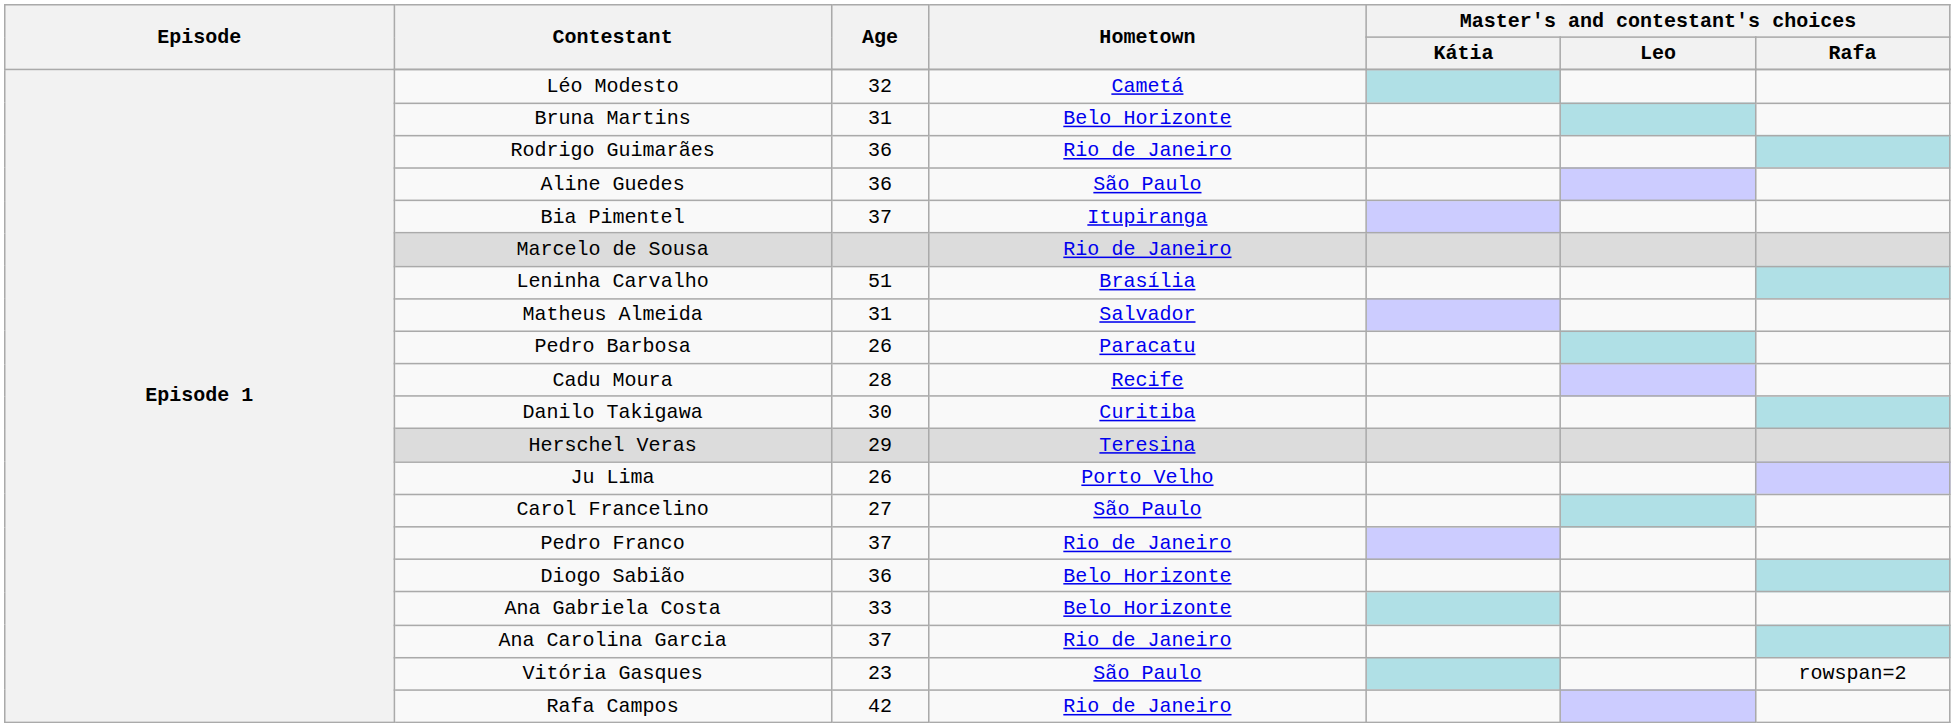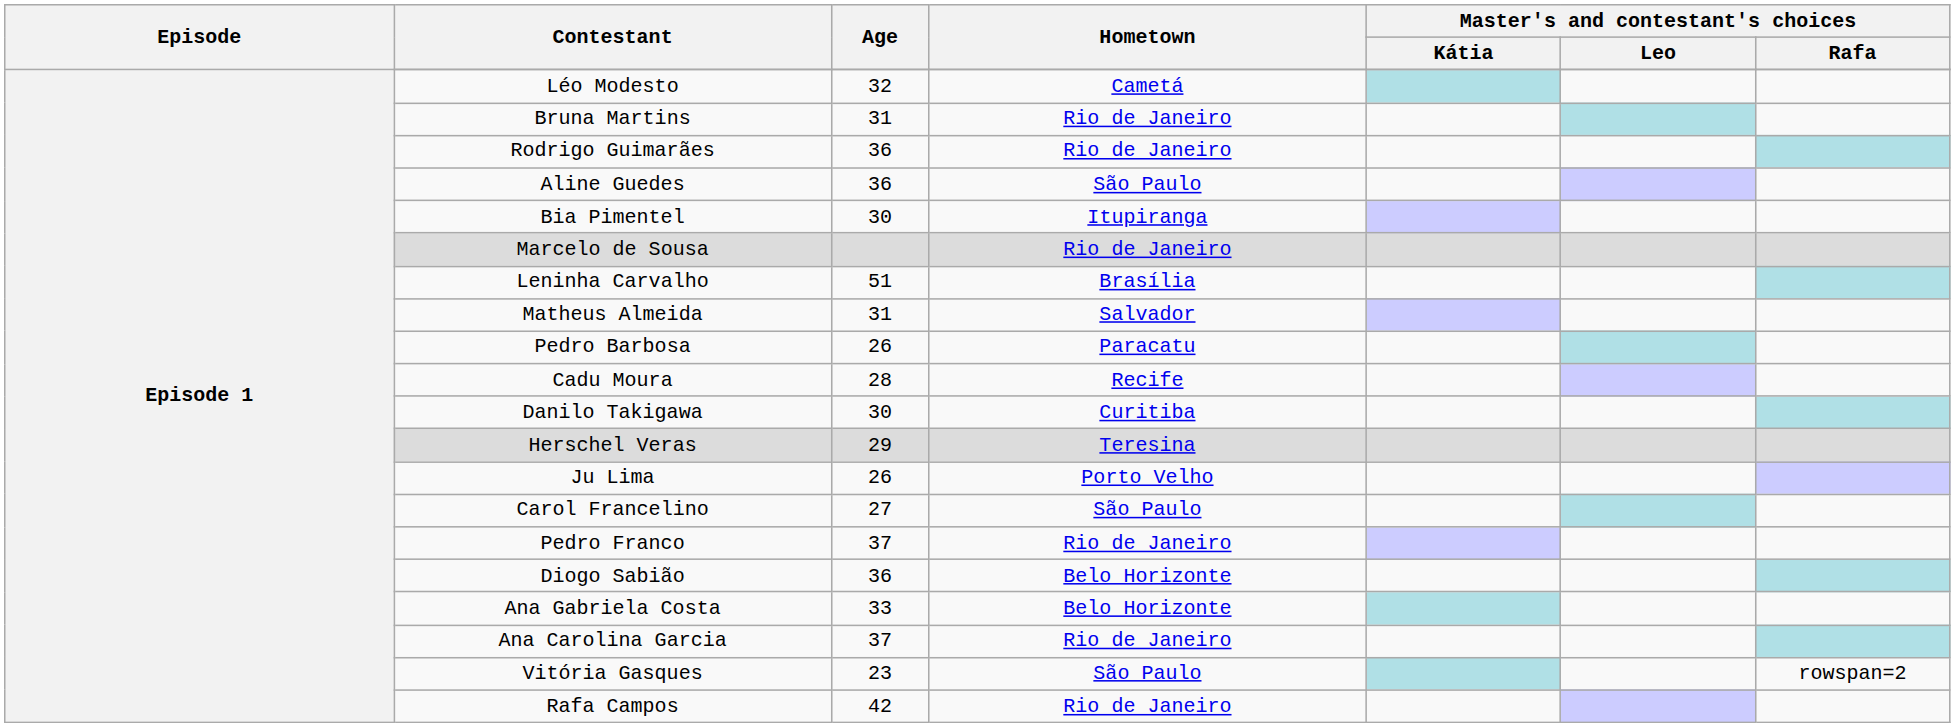 <table class="wikitable" style="text-align:center; width:100%;">
 <tr>
 <th scope="col" rowspan=2 width="20.0%">Episode</th>
 <th scope="col" rowspan=2 width="22.5%">Contestant</th>
 <th scope="col" rowspan=2 width="05.0%">Age</th>
 <th scope="col" rowspan=2 width="22.5%">Hometown</th>
 <th scope="col" colspan=3 width="30.0%">Master's and contestant's choices</th>
 </tr>
 <tr>
 <th width="10%">Kátia</th>
 <th width="10%">Leo</th>
 <th width="10%">Rafa</th>
 </tr>
 <tr>
 <th rowspan=21>Episode 1<br></th>
 </tr>
 <tr>
 <td>Léo Modesto</td>
 <td>32</td>
 <td><a href='#'>Cametá</a></td>
 <td bgcolor=B0E0E6></td>
 <td></td>
 <td></td>
 </tr>
 <tr>
 <td>Bruna Martins</td>
 <td>31</td>
-<td><a href='#'>Belo Horizonte</a></td>
+<td><a href='#'>Rio de Janeiro</a></td>
 <td></td>
 <td bgcolor=#B0E0E6></td>
 <td></td>
 </tr>
 <tr>
 <td>Rodrigo Guimarães</td>
 <td>36</td>
 <td><a href='#'>Rio de Janeiro</a></td>
 <td></td>
 <td></td>
 <td bgcolor=B0E0E6></td>
 </tr>
 <tr>
 <td>Aline Guedes</td>
 <td>36</td>
 <td><a href='#'>São Paulo</a></td>
 <td></td>
 <td bgcolor=CCCCFF></td>
 <td></td>
 </tr>
 <tr>
 <td>Bia Pimentel</td>
-<td>37</td>
+<td>30</td>
 <td><a href='#'>Itupiranga</a></td>
 <td bgcolor=CCCCFF></td>
 <td></td>
 <td></td>
 </tr>
 <tr bgcolor=DCDCDC>
 <td>Marcelo de Sousa</td>
 <td></td>
 <td><a href='#'>Rio de Janeiro</a></td>
 <td></td>
 <td></td>
 <td></td>
 </tr>
 <tr>
 <td>Leninha Carvalho</td>
 <td>51</td>
 <td><a href='#'>Brasília</a></td>
 <td></td>
 <td></td>
 <td bgcolor=B0E0E6></td>
 </tr>
 <tr>
 <td>Matheus Almeida</td>
 <td>31</td>
 <td><a href='#'>Salvador</a></td>
 <td bgcolor=CCCCFF></td>
 <td></td>
 <td></td>
 </tr>
 <tr>
 <td>Pedro Barbosa</td>
 <td>26</td>
 <td><a href='#'>Paracatu</a></td>
 <td></td>
 <td bgcolor=B0E0E6></td>
 <td></td>
 </tr>
 <tr>
 <td>Cadu Moura</td>
 <td>28</td>
 <td><a href='#'>Recife</a></td>
 <td></td>
 <td bgcolor=CCCCFF></td>
 <td></td>
 </tr>
 <tr>
 <td>Danilo Takigawa</td>
 <td>30</td>
 <td><a href='#'>Curitiba</a></td>
 <td></td>
 <td></td>
 <td bgcolor=B0E0E6></td>
 </tr>
 <tr bgcolor=DCDCDC>
 <td>Herschel Veras</td>
 <td>29</td>
 <td><a href='#'>Teresina</a></td>
 <td></td>
 <td></td>
 <td></td>
 </tr>
 <tr>
 <td>Ju Lima</td>
 <td>26</td>
 <td><a href='#'>Porto Velho</a></td>
 <td></td>
 <td></td>
 <td bgcolor=CCCCFF></td>
 </tr>
 <tr>
 <td>Carol Francelino</td>
 <td>27</td>
 <td><a href='#'>São Paulo</a></td>
 <td></td>
 <td bgcolor=B0E0E6></td>
 <td></td>
 </tr>
 <tr>
 <td>Pedro Franco</td>
 <td>37</td>
 <td><a href='#'>Rio de Janeiro</a></td>
 <td bgcolor=CCCCFF></td>
 <td></td>
 <td></td>
 </tr>
 <tr>
 <td>Diogo Sabião</td>
 <td>36</td>
 <td><a href='#'>Belo Horizonte</a></td>
 <td></td>
 <td></td>
 <td bgcolor=B0E0E6></td>
 </tr>
 <tr>
 <td>Ana Gabriela Costa</td>
 <td>33</td>
 <td><a href='#'>Belo Horizonte</a></td>
 <td bgcolor=B0E0E6></td>
 <td></td>
 <td></td>
 </tr>
 <tr>
 <td>Ana Carolina Garcia</td>
 <td>37</td>
 <td><a href='#'>Rio de Janeiro</a></td>
 <td></td>
 <td></td>
 <td bgcolor=B0E0E6></td>
 </tr>
 <tr>
 <td>Vitória Gasques</td>
 <td>23</td>
 <td><a href='#'>São Paulo</a></td>
 <td bgcolor=B0E0E6></td>
 <td></td>
 <td>rowspan=2 </td>
 </tr>
 <tr>
 <td>Rafa Campos</td>
 <td>42</td>
 <td><a href='#'>Rio de Janeiro</a></td>
 <td></td>
 <td bgcolor=CCCCFF></td>
 </tr>
 </table>
